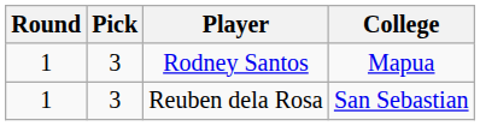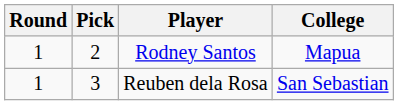 <table class="wikitable sortable sortable">
 <tr>
 <th>Round</th>
 <th>Pick</th>
 <th>Player</th>
 <th>College</th>
 </tr>
 <tr style="text-align: center">
 <td align="center">1</td>
-<td align="center">3</td>
+<td align="center">2</td>
 <td><a href='#'>Rodney Santos</a></td>
 <td><a href='#'>Mapua</a></td>
 </tr>
 <tr style="text-align: center">
 <td align="center">1</td>
 <td align="center">3</td>
 <td>Reuben dela Rosa</td>
 <td><a href='#'>San Sebastian</a></td>
 </tr>
 </table>
